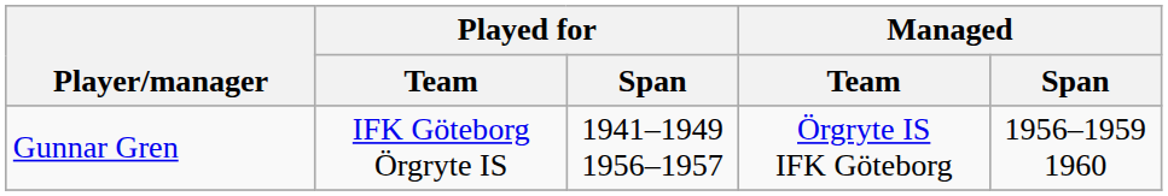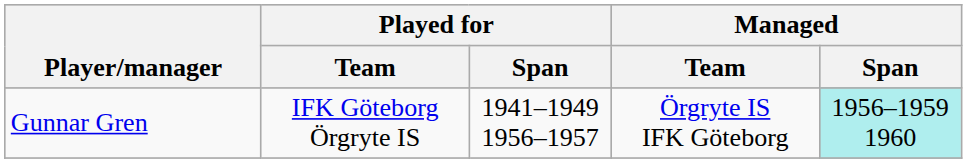 <table class="wikitable" style="text-align: center">
 <tr>
 <th rowspan="2" valign="bottom" width="150">Player/manager</th>
 <th colspan="2">Played for</th>
 <th colspan="2">Managed</th>
 </tr>
 <tr>
 <th width="120">Team</th>
 <th width="80">Span</th>
 <th width="120">Team</th>
 <th width="80">Span</th>
 </tr>
 <tr>
 <td align="left"><a href='#'>Gunnar Gren</a></td>
 <td><a href='#'>IFK Göteborg</a><br>Örgryte IS</td>
 <td>1941–1949<br>1956–1957</td>
 <td><a href='#'>Örgryte IS</a><br>IFK Göteborg</td>
-<td>1956–1959<br>1960</td>
+<td style="background: paleturquoise;">1956–1959<br>1960</td>
 </tr>
 </table>
